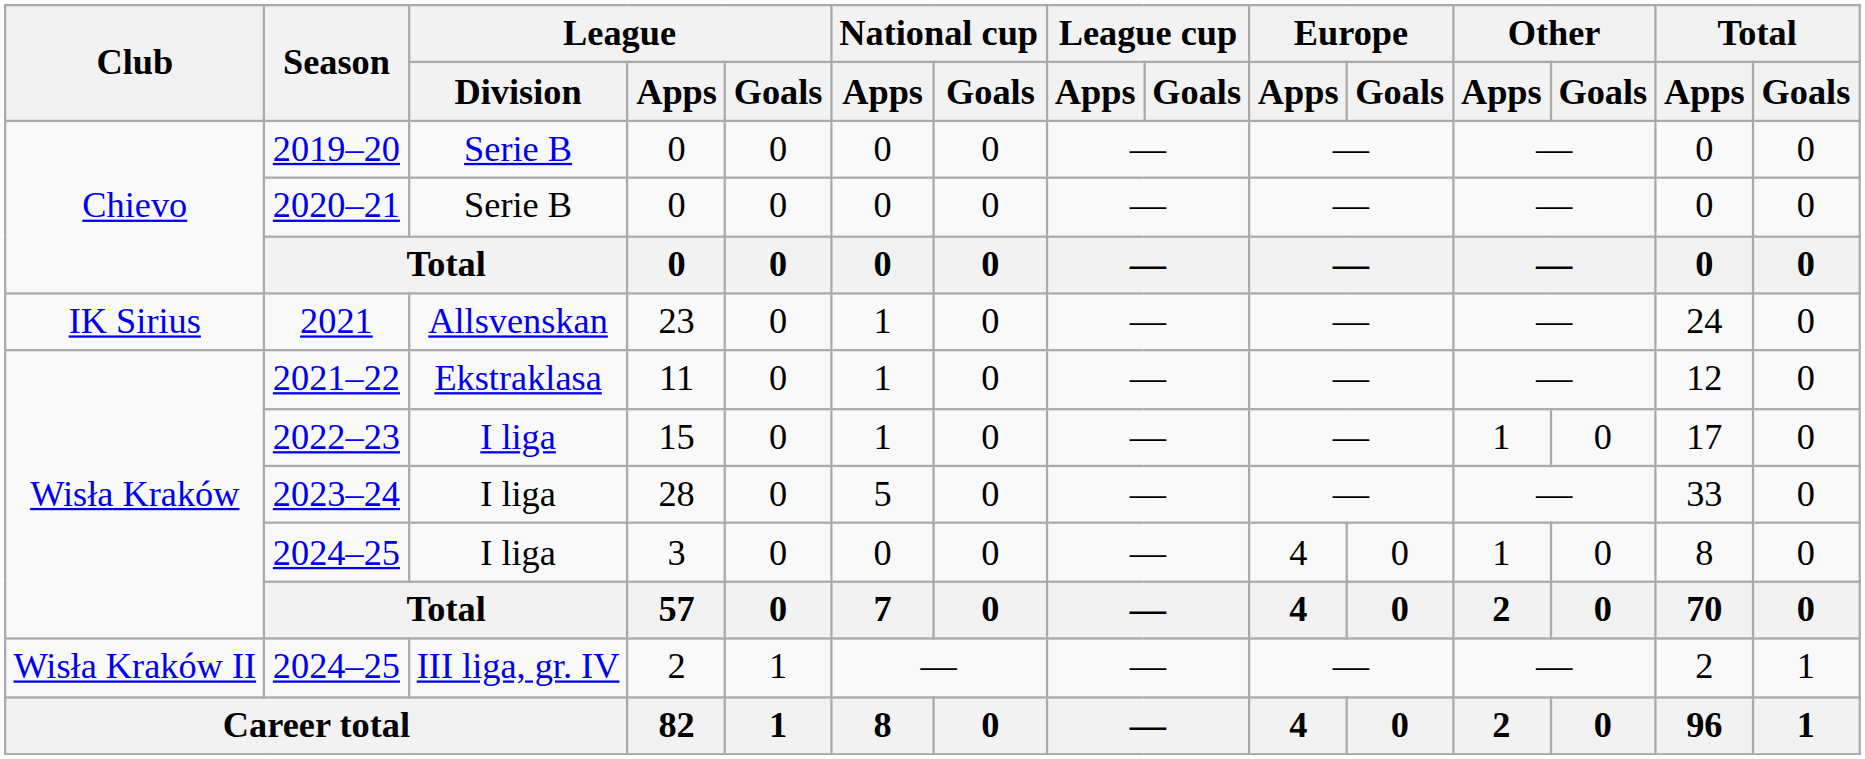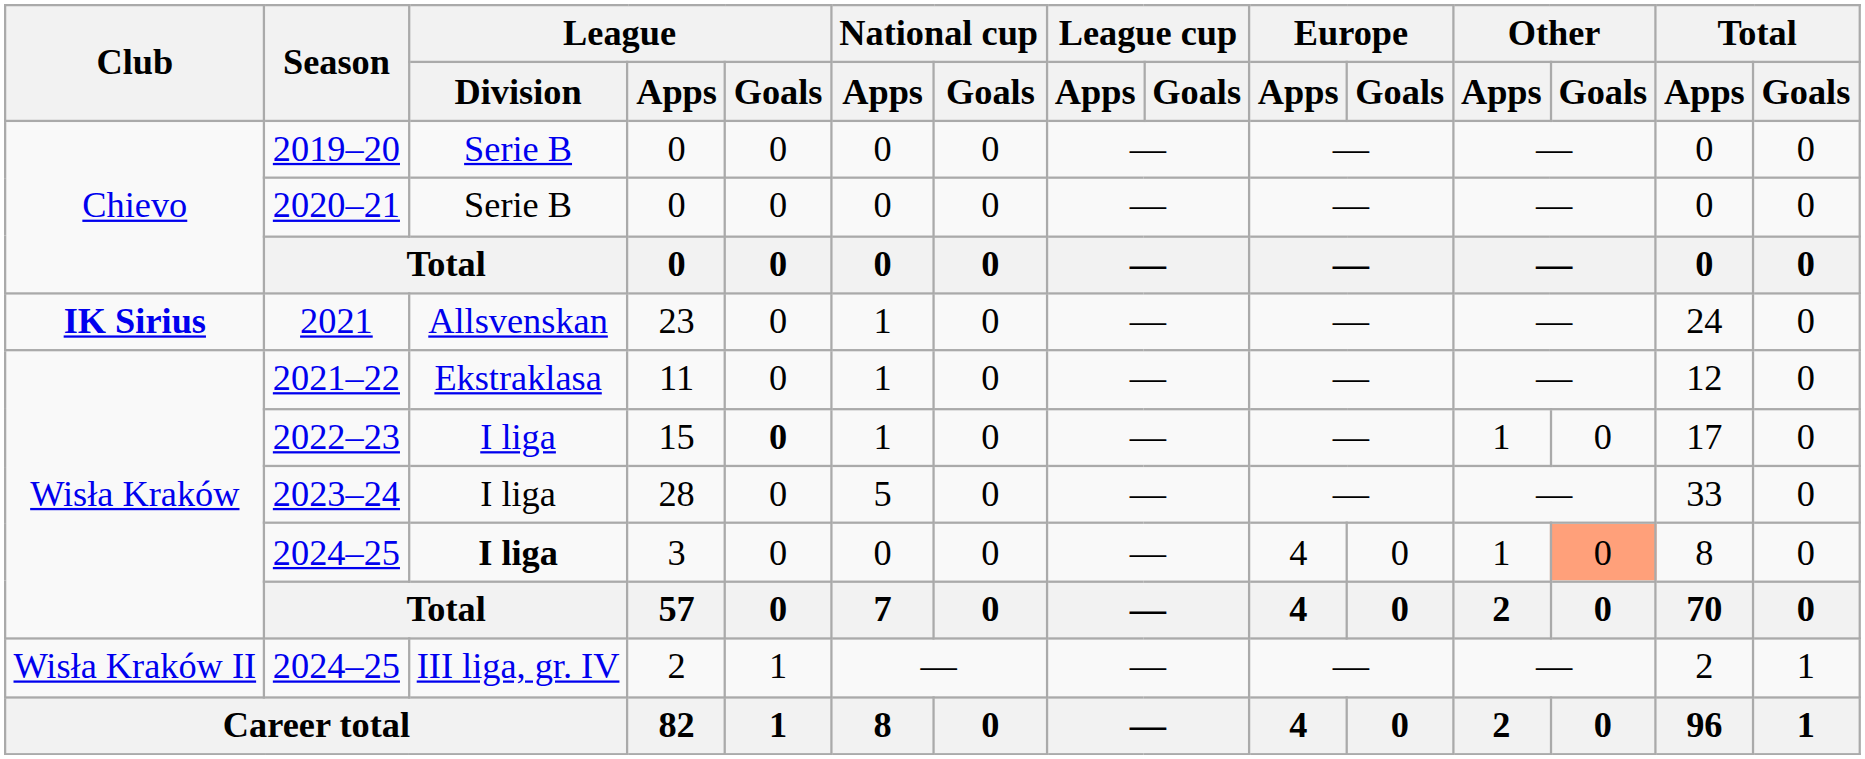 <table class="wikitable" style="text-align:center">
 <tr>
 <th rowspan="2">Club</th>
 <th rowspan="2">Season</th>
 <th colspan="3">League</th>
 <th colspan="2">National cup</th>
 <th colspan="2">League cup</th>
 <th colspan="2">Europe</th>
 <th colspan="2">Other</th>
 <th colspan="2">Total</th>
 </tr>
 <tr>
 <th>Division</th>
 <th>Apps</th>
 <th>Goals</th>
 <th>Apps</th>
 <th>Goals</th>
 <th>Apps</th>
 <th>Goals</th>
 <th>Apps</th>
 <th>Goals</th>
 <th>Apps</th>
 <th>Goals</th>
 <th>Apps</th>
 <th>Goals</th>
 </tr>
 <tr>
 <td rowspan="3"><a href='#'>Chievo</a></td>
 <td><a href='#'>2019–20</a></td>
 <td><a href='#'>Serie B</a></td>
 <td>0</td>
 <td>0</td>
 <td>0</td>
 <td>0</td>
 <td colspan="2">—</td>
 <td colspan="2">—</td>
 <td colspan="2">—</td>
 <td>0</td>
 <td>0</td>
 </tr>
 <tr>
 <td><a href='#'>2020–21</a></td>
 <td>Serie B</td>
 <td>0</td>
 <td>0</td>
 <td>0</td>
 <td>0</td>
 <td colspan="2">—</td>
 <td colspan="2">—</td>
 <td colspan="2">—</td>
 <td>0</td>
 <td>0</td>
 </tr>
 <tr>
 <th colspan="2">Total</th>
 <th>0</th>
 <th>0</th>
 <th>0</th>
 <th>0</th>
 <th colspan="2">—</th>
 <th colspan="2">—</th>
 <th colspan="2">—</th>
 <th>0</th>
 <th>0</th>
 </tr>
 <tr>
-<td><a href='#'>IK Sirius</a></td>
+<td><strong><a href='#'>IK Sirius</a></strong></td>
 <td><a href='#'>2021</a></td>
 <td><a href='#'>Allsvenskan</a></td>
 <td>23</td>
 <td>0</td>
 <td>1</td>
 <td>0</td>
 <td colspan="2">—</td>
 <td colspan="2">—</td>
 <td colspan="2">—</td>
 <td>24</td>
 <td>0</td>
 </tr>
 <tr>
 <td rowspan="5"><a href='#'>Wisła Kraków</a></td>
 <td><a href='#'>2021–22</a></td>
 <td><a href='#'>Ekstraklasa</a></td>
 <td>11</td>
 <td>0</td>
 <td>1</td>
 <td>0</td>
 <td colspan="2">—</td>
 <td colspan="2">—</td>
 <td colspan="2">—</td>
 <td>12</td>
 <td>0</td>
 </tr>
 <tr>
 <td><a href='#'>2022–23</a></td>
 <td><a href='#'>I liga</a></td>
 <td>15</td>
-<td>0</td>
+<td><strong>0</strong></td>
 <td>1</td>
 <td>0</td>
 <td colspan="2">—</td>
 <td colspan="2">—</td>
 <td>1</td>
 <td>0</td>
 <td>17</td>
 <td>0</td>
 </tr>
 <tr>
 <td><a href='#'>2023–24</a></td>
 <td>I liga</td>
 <td>28</td>
 <td>0</td>
 <td>5</td>
 <td>0</td>
 <td colspan="2">—</td>
 <td colspan="2">—</td>
 <td colspan="2">—</td>
 <td>33</td>
 <td>0</td>
 </tr>
 <tr>
 <td><a href='#'>2024–25</a></td>
-<td>I liga</td>
+<td><strong>I liga</strong></td>
 <td>3</td>
 <td>0</td>
 <td>0</td>
 <td>0</td>
 <td colspan="2">—</td>
 <td>4</td>
 <td>0</td>
 <td>1</td>
-<td>0</td>
+<td style="background: lightsalmon;">0</td>
 <td>8</td>
 <td>0</td>
 </tr>
 <tr>
 <th colspan="2">Total</th>
 <th>57</th>
 <th>0</th>
 <th>7</th>
 <th>0</th>
 <th colspan="2">—</th>
 <th>4</th>
 <th>0</th>
 <th>2</th>
 <th>0</th>
 <th>70</th>
 <th>0</th>
 </tr>
 <tr>
 <td><a href='#'>Wisła Kraków II</a></td>
 <td><a href='#'>2024–25</a></td>
 <td><a href='#'>III liga, gr. IV</a></td>
 <td>2</td>
 <td>1</td>
 <td colspan="2">—</td>
 <td colspan="2">—</td>
 <td colspan="2">—</td>
 <td colspan="2">—</td>
 <td>2</td>
 <td>1</td>
 </tr>
 <tr>
 <th colspan="3">Career total</th>
 <th>82</th>
 <th>1</th>
 <th>8</th>
 <th>0</th>
 <th colspan="2">—</th>
 <th>4</th>
 <th>0</th>
 <th>2</th>
 <th>0</th>
 <th>96</th>
 <th>1</th>
 </tr>
 </table>
